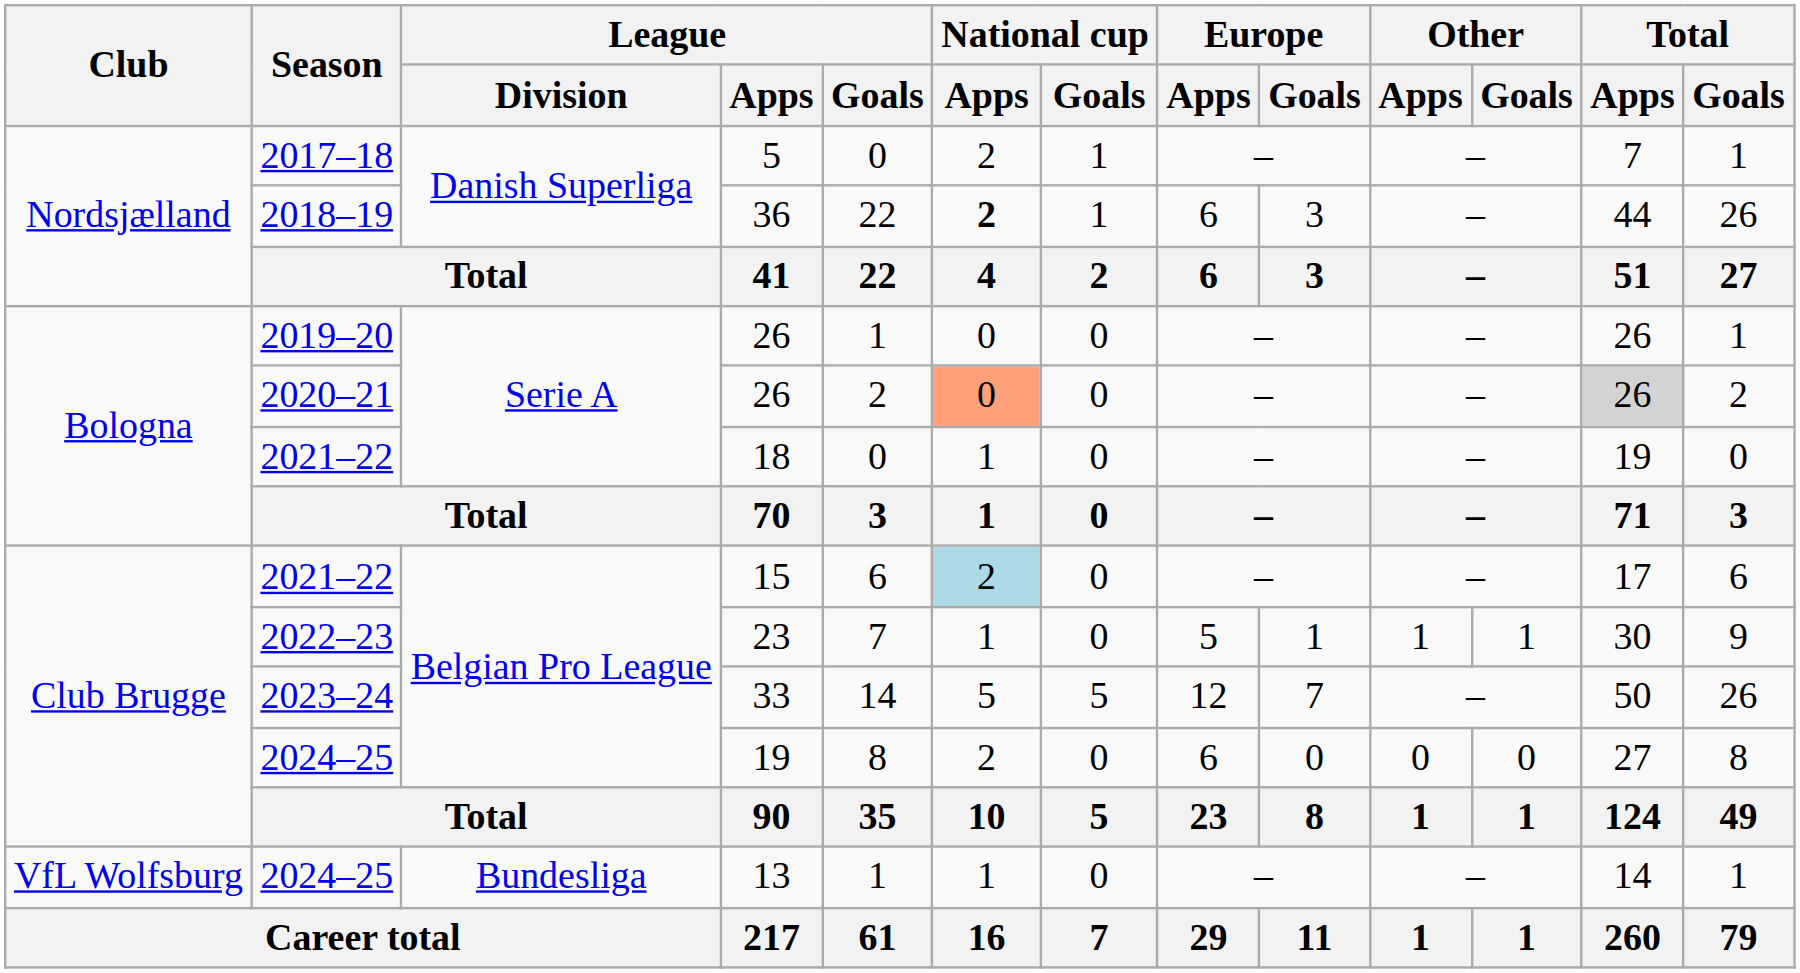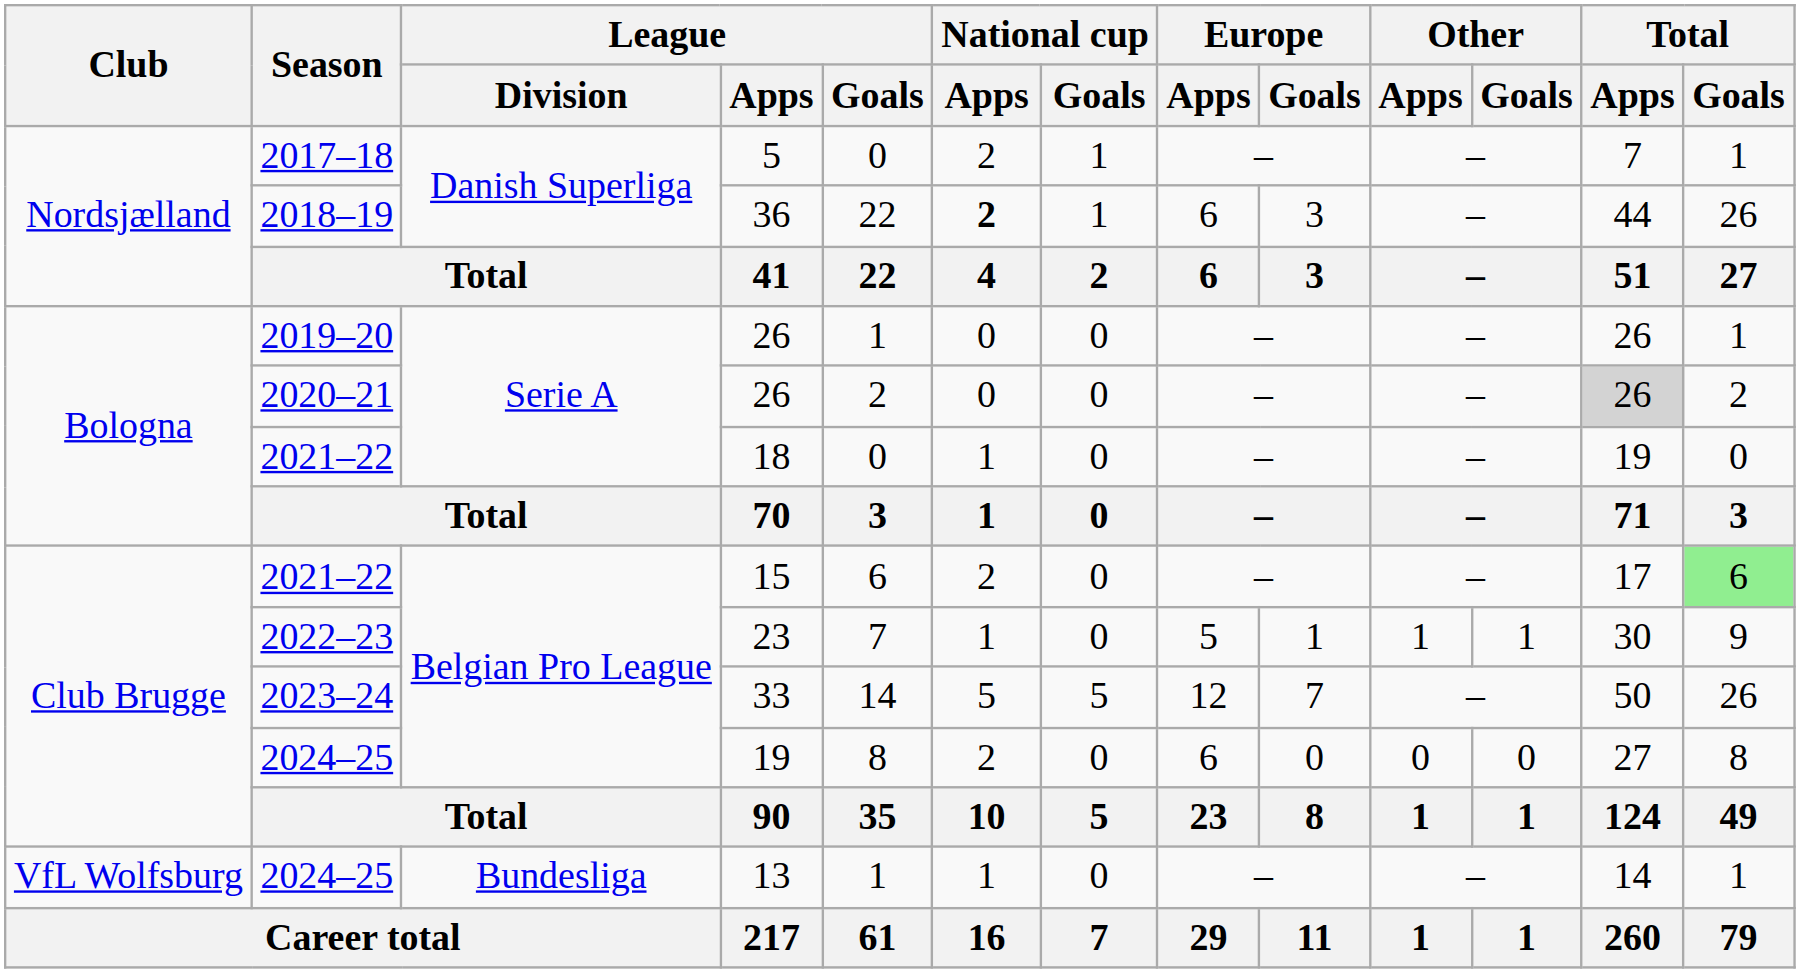 <table class="wikitable" style="text-align: center">
 <tr>
 <th rowspan="2">Club</th>
 <th rowspan="2">Season</th>
 <th colspan="3">League</th>
 <th colspan="2">National cup</th>
 <th colspan="2">Europe</th>
 <th colspan="2">Other</th>
 <th colspan="2">Total</th>
 </tr>
 <tr>
 <th>Division</th>
 <th>Apps</th>
 <th>Goals</th>
 <th>Apps</th>
 <th>Goals</th>
 <th>Apps</th>
 <th>Goals</th>
 <th>Apps</th>
 <th>Goals</th>
 <th>Apps</th>
 <th>Goals</th>
 </tr>
 <tr>
 <td rowspan="3"><a href='#'>Nordsjælland</a></td>
 <td><a href='#'>2017–18</a></td>
 <td rowspan="2"><a href='#'>Danish Superliga</a></td>
 <td>5</td>
 <td>0</td>
 <td>2</td>
 <td>1</td>
 <td colspan="2">–</td>
 <td colspan="2">–</td>
 <td>7</td>
 <td>1</td>
 </tr>
 <tr>
 <td><a href='#'>2018–19</a></td>
 <td>36</td>
 <td>22</td>
 <td><strong>2</strong></td>
 <td>1</td>
 <td>6</td>
 <td>3</td>
 <td colspan="2">–</td>
 <td>44</td>
 <td>26</td>
 </tr>
 <tr>
 <th colspan="2">Total</th>
 <th>41</th>
 <th>22</th>
 <th>4</th>
 <th>2</th>
 <th>6</th>
 <th>3</th>
 <th colspan="2">–</th>
 <th>51</th>
 <th>27</th>
 </tr>
 <tr>
 <td rowspan="4"><a href='#'>Bologna</a></td>
 <td><a href='#'>2019–20</a></td>
 <td rowspan="3"><a href='#'>Serie A</a></td>
 <td>26</td>
 <td>1</td>
 <td>0</td>
 <td>0</td>
 <td colspan="2">–</td>
 <td colspan="2">–</td>
 <td>26</td>
 <td>1</td>
 </tr>
 <tr>
 <td><a href='#'>2020–21</a></td>
 <td>26</td>
 <td>2</td>
-<td style="background: lightsalmon;">0</td>
+<td>0</td>
 <td>0</td>
 <td colspan="2">–</td>
 <td colspan="2">–</td>
 <td style="background: lightgrey;">26</td>
 <td>2</td>
 </tr>
 <tr>
 <td><a href='#'>2021–22</a></td>
 <td>18</td>
 <td>0</td>
 <td>1</td>
 <td>0</td>
 <td colspan="2">–</td>
 <td colspan="2">–</td>
 <td>19</td>
 <td>0</td>
 </tr>
 <tr>
 <th colspan="2">Total</th>
 <th>70</th>
 <th>3</th>
 <th>1</th>
 <th>0</th>
 <th colspan="2">–</th>
 <th colspan="2">–</th>
 <th>71</th>
 <th>3</th>
 </tr>
 <tr>
 <td rowspan="5"><a href='#'>Club Brugge</a></td>
 <td><a href='#'>2021–22</a></td>
 <td rowspan="4"><a href='#'>Belgian Pro League</a></td>
 <td>15</td>
 <td>6</td>
-<td style="background: lightblue;">2</td>
+<td>2</td>
 <td>0</td>
 <td colspan="2">–</td>
 <td colspan="2">–</td>
 <td>17</td>
-<td>6</td>
+<td style="background: lightgreen;">6</td>
 </tr>
 <tr>
 <td><a href='#'>2022–23</a></td>
 <td>23</td>
 <td>7</td>
 <td>1</td>
 <td>0</td>
 <td>5</td>
 <td>1</td>
 <td>1</td>
 <td>1</td>
 <td>30</td>
 <td>9</td>
 </tr>
 <tr>
 <td><a href='#'>2023–24</a></td>
 <td>33</td>
 <td>14</td>
 <td>5</td>
 <td>5</td>
 <td>12</td>
 <td>7</td>
 <td colspan="2">–</td>
 <td>50</td>
 <td>26</td>
 </tr>
 <tr>
 <td><a href='#'>2024–25</a></td>
 <td>19</td>
 <td>8</td>
 <td>2</td>
 <td>0</td>
 <td>6</td>
 <td>0</td>
 <td>0</td>
 <td>0</td>
 <td>27</td>
 <td>8</td>
 </tr>
 <tr>
 <th colspan="2">Total</th>
 <th>90</th>
 <th>35</th>
 <th>10</th>
 <th>5</th>
 <th>23</th>
 <th>8</th>
 <th>1</th>
 <th>1</th>
 <th>124</th>
 <th>49</th>
 </tr>
 <tr>
 <td><a href='#'>VfL Wolfsburg</a></td>
 <td><a href='#'>2024–25</a></td>
 <td><a href='#'>Bundesliga</a></td>
 <td>13</td>
 <td>1</td>
 <td>1</td>
 <td>0</td>
 <td colspan="2">–</td>
 <td colspan="2">–</td>
 <td>14</td>
 <td>1</td>
 </tr>
 <tr>
 <th colspan="3">Career total</th>
 <th>217</th>
 <th>61</th>
 <th>16</th>
 <th>7</th>
 <th>29</th>
 <th>11</th>
 <th>1</th>
 <th>1</th>
 <th>260</th>
 <th>79</th>
 </tr>
 </table>
